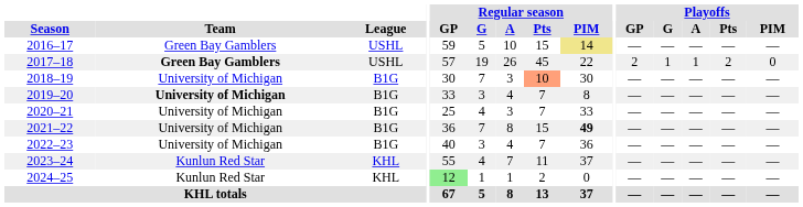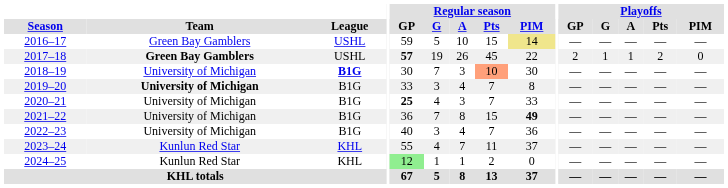 <table border="0" cellpadding="1" cellspacing="0" style="text-align:center; width:60em;">
 <tr bgcolor="#e0e0e0">
 <th colspan="3" bgcolor="#ffffff"></th>
 <th rowspan="101" bgcolor="#ffffff"></th>
 <th colspan="5"><a href='#'>Regular season</a></th>
 <th rowspan="101" bgcolor="#ffffff"></th>
 <th colspan="5"><a href='#'>Playoffs</a></th>
 </tr>
 <tr bgcolor="#e0e0e0">
 <th><a href='#'>Season</a></th>
 <th>Team</th>
 <th>League</th>
 <th>GP</th>
 <th><a href='#'>G</a></th>
 <th><a href='#'>A</a></th>
 <th><a href='#'>Pts</a></th>
 <th><a href='#'>PIM</a></th>
 <th>GP</th>
 <th>G</th>
 <th>A</th>
 <th>Pts</th>
 <th>PIM</th>
 </tr>
 <tr>
 <td><a href='#'>2016–17</a></td>
 <td><a href='#'>Green Bay Gamblers</a></td>
 <td><a href='#'>USHL</a></td>
 <td>59</td>
 <td>5</td>
 <td>10</td>
 <td>15</td>
 <td style="background: khaki;">14</td>
 <td>—</td>
 <td>—</td>
 <td>—</td>
 <td>—</td>
 <td>—</td>
 </tr>
 <tr bgcolor="#f0f0f0">
 <td><a href='#'>2017–18</a></td>
 <td><strong>Green Bay Gamblers</strong></td>
 <td>USHL</td>
-<td>57</td>
+<td><strong>57</strong></td>
 <td>19</td>
 <td>26</td>
 <td>45</td>
 <td>22</td>
 <td>2</td>
 <td>1</td>
 <td>1</td>
 <td>2</td>
 <td>0</td>
 </tr>
 <tr>
 <td><a href='#'>2018–19</a></td>
 <td><a href='#'>University of Michigan</a></td>
-<td><a href='#'>B1G</a></td>
+<td><strong><a href='#'>B1G</a></strong></td>
 <td>30</td>
 <td>7</td>
 <td>3</td>
 <td style="background: lightsalmon;">10</td>
 <td>30</td>
 <td>—</td>
 <td>—</td>
 <td>—</td>
 <td>—</td>
 <td>—</td>
 </tr>
 <tr bgcolor="#f0f0f0">
 <td><a href='#'>2019–20</a></td>
 <td><strong>University of Michigan</strong></td>
 <td>B1G</td>
 <td>33</td>
 <td>3</td>
 <td>4</td>
 <td>7</td>
 <td>8</td>
 <td>—</td>
 <td>—</td>
 <td>—</td>
 <td>—</td>
 <td>—</td>
 </tr>
 <tr>
 <td><a href='#'>2020–21</a></td>
 <td>University of Michigan</td>
 <td>B1G</td>
-<td>25</td>
+<td><strong>25</strong></td>
 <td>4</td>
 <td>3</td>
 <td>7</td>
 <td>33</td>
 <td>—</td>
 <td>—</td>
 <td>—</td>
 <td>—</td>
 <td>—</td>
 </tr>
 <tr bgcolor="#f0f0f0">
 <td><a href='#'>2021–22</a></td>
 <td>University of Michigan</td>
 <td>B1G</td>
 <td>36</td>
 <td>7</td>
 <td>8</td>
 <td>15</td>
 <td><strong>49</strong></td>
 <td>—</td>
 <td>—</td>
 <td>—</td>
 <td>—</td>
 <td>—</td>
 </tr>
 <tr>
 <td><a href='#'>2022–23</a></td>
 <td>University of Michigan</td>
 <td>B1G</td>
 <td>40</td>
 <td>3</td>
 <td>4</td>
 <td>7</td>
 <td>36</td>
 <td>—</td>
 <td>—</td>
 <td>—</td>
 <td>—</td>
 <td>—</td>
 </tr>
 <tr bgcolor="#f0f0f0">
 <td><a href='#'>2023–24</a></td>
 <td><a href='#'>Kunlun Red Star</a></td>
 <td><a href='#'>KHL</a></td>
 <td>55</td>
 <td>4</td>
 <td>7</td>
 <td>11</td>
 <td>37</td>
 <td>—</td>
 <td>—</td>
 <td>—</td>
 <td>—</td>
 <td>—</td>
 </tr>
 <tr>
 <td><a href='#'>2024–25</a></td>
 <td>Kunlun Red Star</td>
 <td>KHL</td>
 <td style="background: lightgreen;">12</td>
 <td>1</td>
 <td>1</td>
 <td>2</td>
 <td>0</td>
 <td>—</td>
 <td>—</td>
 <td>—</td>
 <td>—</td>
 <td>—</td>
 </tr>
 <tr bgcolor="#e0e0e0">
 <th colspan="3">KHL totals</th>
 <th>67</th>
 <th>5</th>
 <th>8</th>
 <th>13</th>
 <th>37</th>
 <th>—</th>
 <th>—</th>
 <th>—</th>
 <th>—</th>
 <th>—</th>
 </tr>
 </table>
